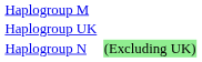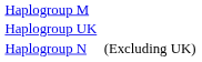 <table>
 <tr>
 <td><a href='#'>Haplogroup M</a></td>
 <td></td>
 </tr>
 <tr>
 <td><a href='#'>Haplogroup UK</a></td>
 <td></td>
 </tr>
 <tr>
 <td><a href='#'>Haplogroup N</a></td>
 <td></td>
-<td style="background: lightgreen;">(Excluding UK)</td>
+<td>(Excluding UK)</td>
 </tr>
 </table>
